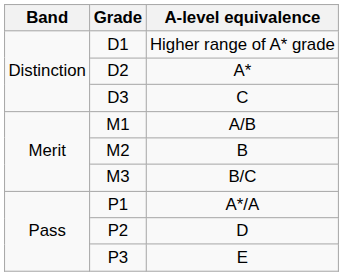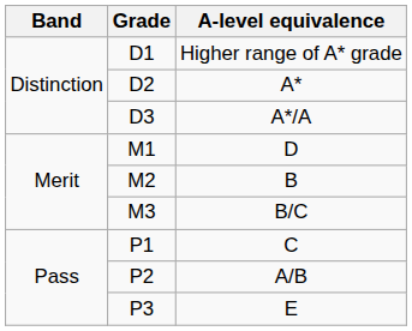 <table class="wikitable" style="text-align:center">
 <tr>
 <th>Band</th>
 <th>Grade</th>
 <th>A-level equivalence</th>
 </tr>
 <tr>
 <td rowspan="3">Distinction</td>
 <td>D1</td>
 <td>Higher range of A* grade</td>
 </tr>
 <tr>
 <td> D2</td>
 <td>A*</td>
 </tr>
 <tr>
 <td> D3</td>
-<td>C</td>
+<td>A*/A</td>
 </tr>
 <tr>
 <td rowspan="3">Merit</td>
 <td>M1</td>
-<td>A/B</td>
+<td>D</td>
 </tr>
 <tr>
 <td> M2</td>
 <td>B</td>
 </tr>
 <tr>
 <td> M3</td>
 <td>B/C</td>
 </tr>
 <tr>
 <td rowspan="3">Pass</td>
 <td>P1</td>
-<td>A*/A</td>
+<td>C</td>
 </tr>
 <tr>
 <td>P2</td>
-<td>D</td>
+<td>A/B</td>
 </tr>
 <tr>
 <td> P3</td>
 <td>E</td>
 </tr>
 </table>
